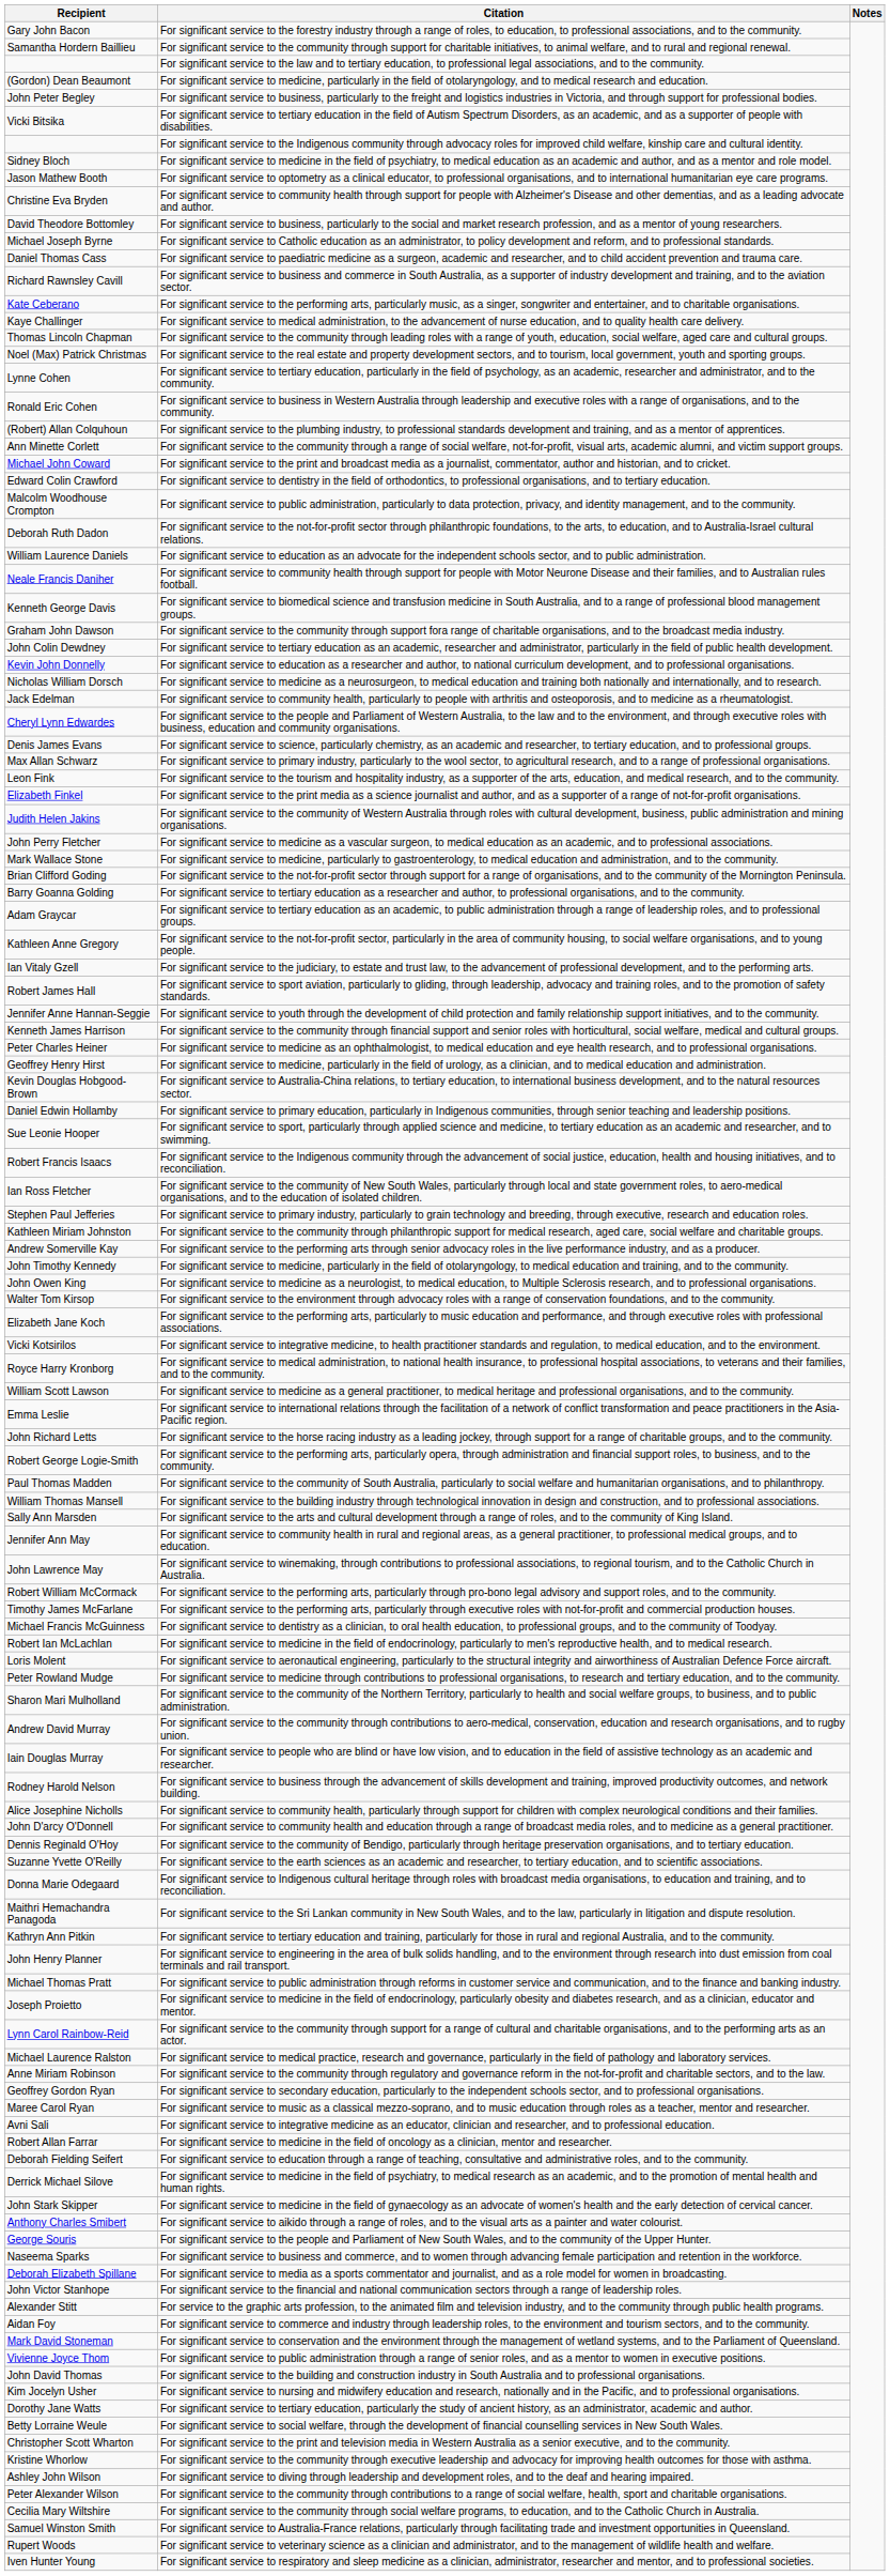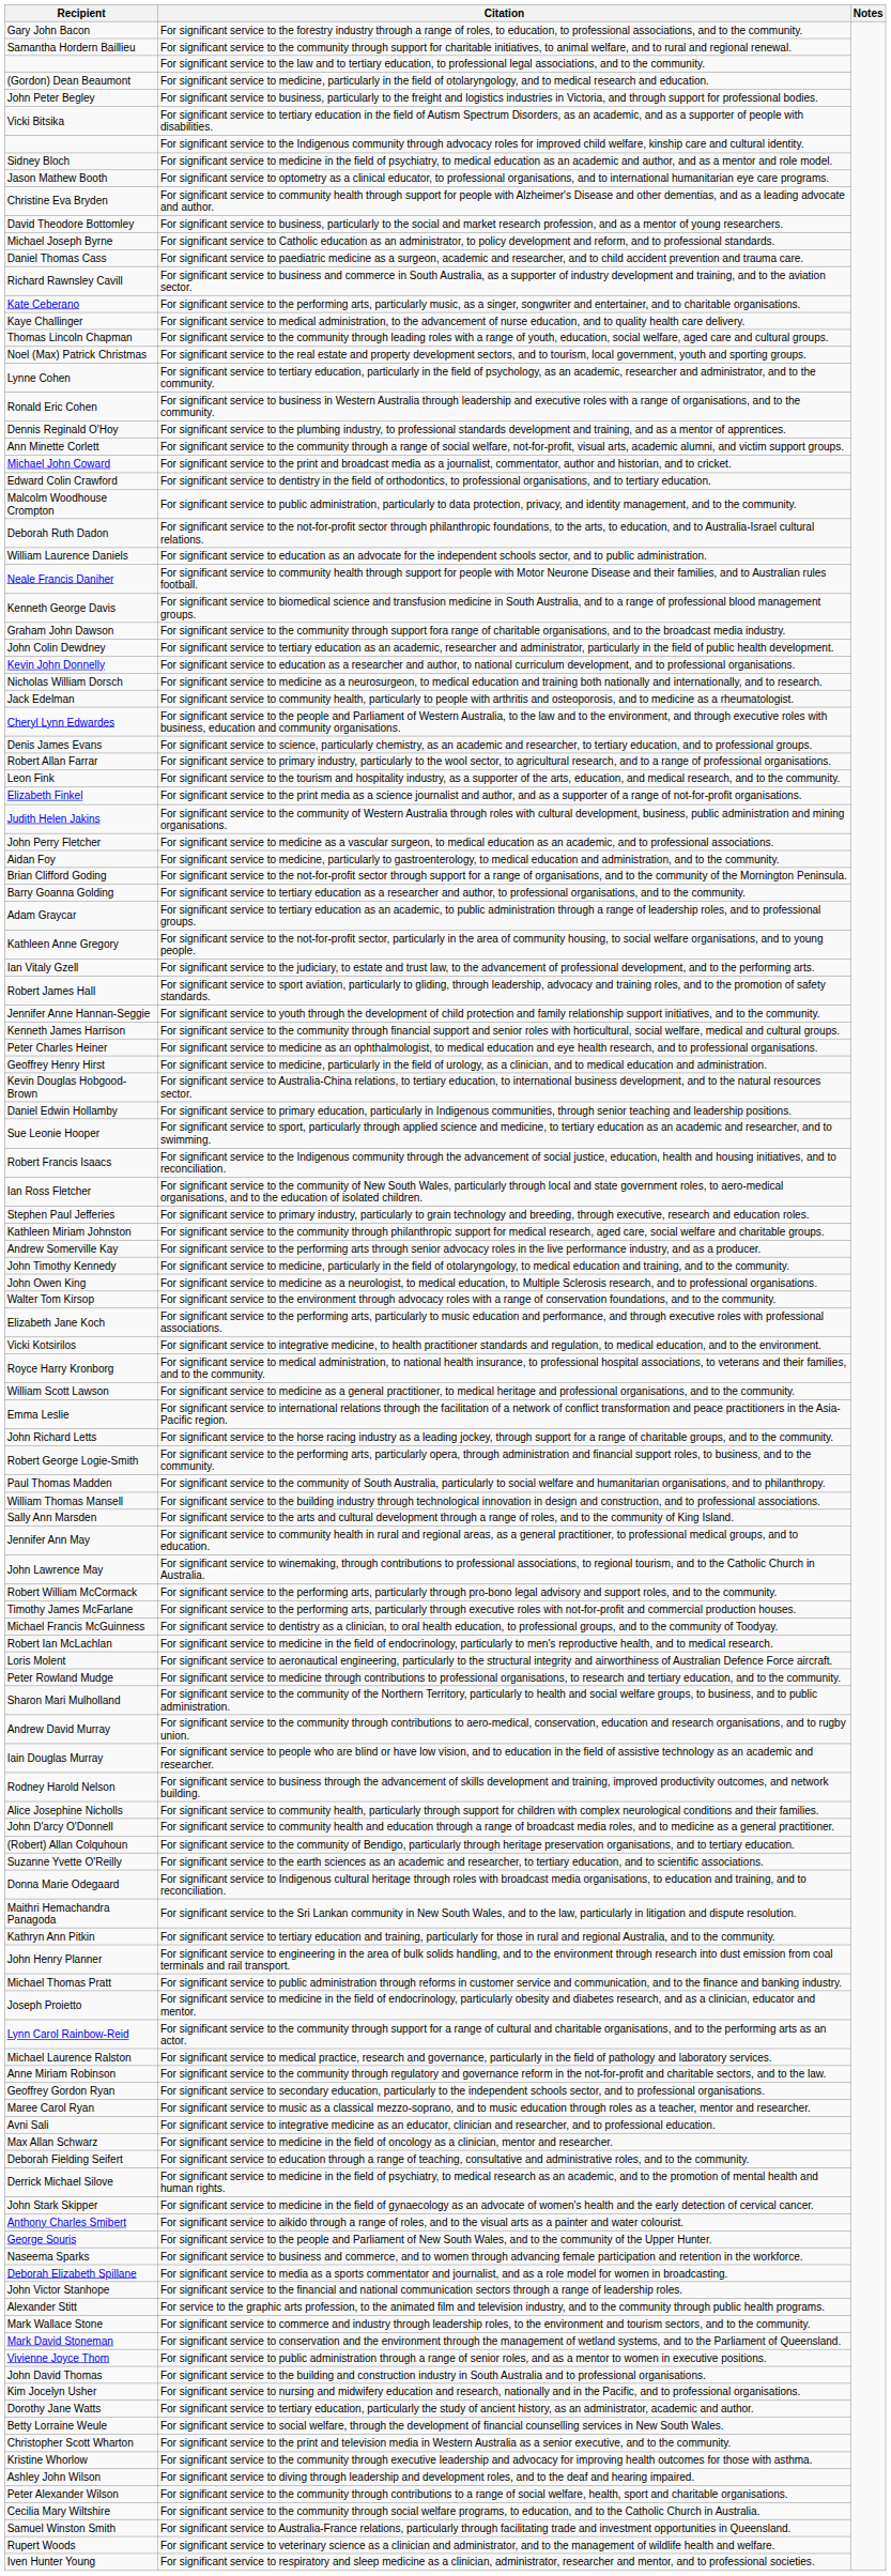 <table class="wikitable" style="font-size:95%;">
 <tr>
 <th width="210">Recipient</th>
 <th>Citation</th>
 <th>Notes</th>
 </tr>
 <tr>
 <td> Gary John Bacon</td>
 <td>For significant service to the forestry industry through a range of roles, to education, to professional associations, and to the community.</td>
 <td rowspan=126></td>
 </tr>
 <tr>
 <td>Samantha Hordern Baillieu</td>
 <td>For significant service to the community through support for charitable initiatives, to animal welfare, and to rural and regional renewal.</td>
 </tr>
 <tr>
 <td></td>
 <td>For significant service to the law and to tertiary education, to professional legal associations, and to the community.</td>
 </tr>
 <tr>
 <td> (Gordon) Dean Beaumont</td>
 <td>For significant service to medicine, particularly in the field of otolaryngology, and to medical research and education.</td>
 </tr>
 <tr>
 <td>John Peter Begley</td>
 <td>For significant service to business, particularly to the freight and logistics industries in Victoria, and through support for professional bodies.</td>
 </tr>
 <tr>
 <td> Vicki Bitsika</td>
 <td>For significant service to tertiary education in the field of Autism Spectrum Disorders, as an academic, and as a supporter of people with disabilities.</td>
 </tr>
 <tr>
 <td></td>
 <td>For significant service to the Indigenous community through advocacy roles for improved child welfare, kinship care and cultural identity.</td>
 </tr>
 <tr>
 <td> Sidney Bloch</td>
 <td>For significant service to medicine in the field of psychiatry, to medical education as an academic and author, and as a mentor and role model.</td>
 </tr>
 <tr>
 <td>Jason Mathew Booth</td>
 <td>For significant service to optometry as a clinical educator, to professional organisations, and to international humanitarian eye care programs.</td>
 </tr>
 <tr>
 <td>Christine Eva Bryden </td>
 <td>For significant service to community health through support for people with Alzheimer's Disease and other dementias, and as a leading advocate and author.</td>
 </tr>
 <tr>
 <td>David Theodore Bottomley</td>
 <td>For significant service to business, particularly to the social and market research profession, and as a mentor of young researchers.</td>
 </tr>
 <tr>
 <td>Michael Joseph Byrne</td>
 <td>For significant service to Catholic education as an administrator, to policy development and reform, and to professional standards.</td>
 </tr>
 <tr>
 <td> Daniel Thomas Cass</td>
 <td>For significant service to paediatric medicine as a surgeon, academic and researcher, and to child accident prevention and trauma care.</td>
 </tr>
 <tr>
 <td>Richard Rawnsley Cavill</td>
 <td>For significant service to  business and commerce in South Australia, as a supporter of industry development and training, and to the aviation sector.</td>
 </tr>
 <tr>
 <td><a href='#'>Kate Ceberano</a></td>
 <td>For significant service to the performing arts, particularly music, as a singer, songwriter and entertainer, and to charitable organisations.</td>
 </tr>
 <tr>
 <td> Kaye Challinger</td>
 <td>For significant service to medical administration, to the advancement of nurse education, and to quality health care delivery.</td>
 </tr>
 <tr>
 <td>Thomas Lincoln Chapman</td>
 <td>For significant service to the community through leading roles with a range of youth, education, social welfare, aged care and cultural groups.</td>
 </tr>
 <tr>
 <td>Noel (Max) Patrick Christmas</td>
 <td>For significant service to the real estate and property development sectors, and to tourism, local government, youth and sporting groups.</td>
 </tr>
 <tr>
 <td> Lynne Cohen</td>
 <td>For significant service to tertiary education, particularly in the field of psychology, as an academic, researcher and administrator, and to the community.</td>
 </tr>
 <tr>
 <td>Ronald Eric Cohen</td>
 <td>For significant service to business in Western Australia through leadership and executive roles with a range of organisations, and to the community.</td>
 </tr>
 <tr>
-<td>(Robert) Allan Colquhoun</td>
+<td>Dennis Reginald O'Hoy</td>
 <td>For significant service to the plumbing industry, to professional standards development and training, and as a mentor of apprentices.</td>
 </tr>
 <tr>
 <td>Ann Minette Corlett</td>
 <td>For significant service to the community through a range of social welfare, not-for-profit, visual arts, academic alumni, and victim support groups.</td>
 </tr>
 <tr>
 <td><a href='#'>Michael John Coward</a></td>
 <td>For significant service to the print and broadcast media as a journalist, commentator, author and historian, and to cricket.</td>
 </tr>
 <tr>
 <td> Edward Colin Crawford</td>
 <td>For significant service to dentistry in the field of orthodontics, to professional organisations, and to tertiary education.</td>
 </tr>
 <tr>
 <td>Malcolm Woodhouse Crompton</td>
 <td>For significant service to public administration, particularly to data protection, privacy, and identity management, and to the community.</td>
 </tr>
 <tr>
 <td>Deborah Ruth Dadon</td>
 <td>For significant service to the not-for-profit sector through philanthropic foundations, to the arts, to education, and to Australia-Israel cultural relations.</td>
 </tr>
 <tr>
 <td>William Laurence Daniels</td>
 <td>For significant service to education as an advocate for the independent schools sector, and to public administration.</td>
 </tr>
 <tr>
 <td><a href='#'>Neale Francis Daniher</a></td>
 <td>For significant service to community health through support for people with Motor Neurone Disease and their families, and to Australian rules football.</td>
 </tr>
 <tr>
 <td>Kenneth George Davis</td>
 <td>For significant service to biomedical science and transfusion medicine in South Australia, and to a range of professional blood management groups.</td>
 </tr>
 <tr>
 <td>Graham John Dawson</td>
 <td>For significant service to the community through support fora range of charitable organisations, and to the broadcast media industry.</td>
 </tr>
 <tr>
 <td> John Colin Dewdney</td>
 <td>For significant service to tertiary education as an academic, researcher and administrator, particularly in the field of public health development.</td>
 </tr>
 <tr>
 <td> <a href='#'>Kevin John Donnelly</a></td>
 <td>For significant service to education as a researcher and author, to national curriculum development, and to professional organisations.</td>
 </tr>
 <tr>
 <td> Nicholas William Dorsch</td>
 <td>For significant service to medicine as a neurosurgeon, to medical education and training both nationally and internationally, and to research.</td>
 </tr>
 <tr>
 <td> Jack Edelman</td>
 <td>For significant service to community health, particularly to people with arthritis and osteoporosis, and to medicine as a rheumatologist.</td>
 </tr>
 <tr>
 <td> <a href='#'>Cheryl Lynn Edwardes</a></td>
 <td>For significant service to the people and Parliament of Western Australia, to the law and to the environment, and through executive roles with business, education and community organisations.</td>
 </tr>
 <tr>
 <td> Denis James Evans</td>
 <td>For significant service to science, particularly chemistry, as an academic and researcher, to tertiary education, and to professional groups.</td>
 </tr>
 <tr>
-<td> Max Allan Schwarz</td>
+<td>Robert Allan Farrar</td>
 <td>For significant service to primary industry, particularly to the wool sector, to agricultural research, and to a range of professional organisations.</td>
 </tr>
 <tr>
 <td>Leon Fink</td>
 <td>For significant service to the tourism and hospitality industry, as a supporter of the arts, education, and medical research, and to the community.</td>
 </tr>
 <tr>
 <td> <a href='#'>Elizabeth Finkel</a></td>
 <td>For significant service to the print media as a science journalist and author, and as a supporter of a range of not-for-profit organisations.</td>
 </tr>
 <tr>
 <td><a href='#'>Judith Helen Jakins</a></td>
 <td>For significant service to the community of Western Australia through roles with cultural development, business, public administration and mining organisations.</td>
 </tr>
 <tr>
 <td> John Perry Fletcher</td>
 <td>For significant service to medicine as a vascular surgeon, to medical education as an academic, and to professional associations.</td>
 </tr>
 <tr>
-<td>Mark Wallace Stone</td>
+<td> Aidan Foy</td>
 <td>For significant service to medicine, particularly to gastroenterology, to medical education and administration, and to the community.</td>
 </tr>
 <tr>
 <td>Brian Clifford Goding</td>
 <td>For significant service to the not-for-profit sector through support for a range of organisations, and to the community of the Mornington Peninsula.</td>
 </tr>
 <tr>
 <td> Barry Goanna Golding</td>
 <td>For significant service to tertiary education as a researcher and author, to professional organisations, and to the community.</td>
 </tr>
 <tr>
 <td> Adam Graycar</td>
 <td>For significant service to tertiary education as an academic, to public administration through a range of leadership roles, and to professional groups.</td>
 </tr>
 <tr>
 <td>Kathleen Anne Gregory</td>
 <td>For significant service to the not-for-profit sector, particularly in the area of community housing, to social welfare organisations, and to young people.</td>
 </tr>
 <tr>
 <td> Ian Vitaly Gzell</td>
 <td>For significant service to the judiciary, to estate and trust law, to the advancement of professional development, and to the performing arts.</td>
 </tr>
 <tr>
 <td> Robert James Hall</td>
 <td>For significant service to sport aviation, particularly to gliding, through leadership, advocacy and training roles, and to the promotion of safety standards.</td>
 </tr>
 <tr>
 <td>Jennifer Anne Hannan-Seggie</td>
 <td>For significant service to youth through the development of child protection and family relationship support initiatives, and to the community.</td>
 </tr>
 <tr>
 <td>Kenneth James Harrison</td>
 <td>For significant service to the community through financial support and senior roles with horticultural, social welfare, medical and cultural groups.</td>
 </tr>
 <tr>
 <td> Peter Charles Heiner</td>
 <td>For significant service to medicine as an ophthalmologist, to medical education and eye health research, and to professional organisations.</td>
 </tr>
 <tr>
 <td> Geoffrey Henry Hirst</td>
 <td>For significant service to medicine, particularly in the field of urology, as a clinician, and to medical education and administration.</td>
 </tr>
 <tr>
 <td>Kevin Douglas Hobgood-Brown</td>
 <td>For significant service to Australia-China relations, to tertiary education, to international business development, and to the natural resources sector.</td>
 </tr>
 <tr>
 <td> Daniel Edwin Hollamby</td>
 <td>For significant service to primary education, particularly in Indigenous communities, through senior teaching and leadership positions.</td>
 </tr>
 <tr>
 <td> Sue Leonie Hooper</td>
 <td>For significant service to sport, particularly through applied science and medicine, to tertiary education as an academic and researcher, and to swimming.</td>
 </tr>
 <tr>
 <td> Robert Francis Isaacs</td>
 <td>For significant service to the Indigenous community through the advancement of social justice, education, health and housing initiatives, and to reconciliation.</td>
 </tr>
 <tr>
 <td>Ian Ross Fletcher</td>
 <td>For significant service to the community of New South Wales, particularly through local and state government roles, to aero-medical organisations, and to the education of isolated children.</td>
 </tr>
 <tr>
 <td> Stephen Paul Jefferies</td>
 <td>For significant service to primary industry, particularly to grain technology and breeding, through executive, research and education roles.</td>
 </tr>
 <tr>
 <td>Kathleen Miriam Johnston</td>
 <td>For significant service to the community through philanthropic support for medical research, aged care, social welfare and charitable groups.</td>
 </tr>
 <tr>
 <td>Andrew Somerville Kay</td>
 <td>For significant service to the performing arts through senior advocacy roles in the live performance industry, and as a producer.</td>
 </tr>
 <tr>
 <td> John Timothy Kennedy</td>
 <td>For significant service to medicine, particularly in the field of otolaryngology, to medical education and training, and to the community.</td>
 </tr>
 <tr>
 <td> John Owen King</td>
 <td>For significant service to medicine as a neurologist, to medical education, to Multiple Sclerosis research, and to professional organisations.</td>
 </tr>
 <tr>
 <td>Walter Tom Kirsop</td>
 <td>For significant service to the environment through advocacy roles with a range of conservation foundations, and to the community.</td>
 </tr>
 <tr>
 <td> Elizabeth Jane Koch</td>
 <td>For significant service to the performing arts, particularly to music education and performance, and through executive roles with professional associations.</td>
 </tr>
 <tr>
 <td> Vicki Kotsirilos</td>
 <td>For significant service to integrative medicine, to health practitioner standards and regulation, to medical education, and to the environment.</td>
 </tr>
 <tr>
 <td>Royce Harry Kronborg</td>
 <td>For significant service to medical administration, to national health insurance, to professional hospital associations, to veterans and their families, and to the community.</td>
 </tr>
 <tr>
 <td> William Scott Lawson</td>
 <td>For significant service to medicine as a general practitioner, to medical heritage and professional organisations, and to the community.</td>
 </tr>
 <tr>
 <td> Emma Leslie</td>
 <td>For significant service to international relations through the facilitation of a network of conflict transformation and peace practitioners in the Asia-Pacific region.</td>
 </tr>
 <tr>
 <td>John Richard Letts</td>
 <td>For significant service to the horse racing industry as a leading jockey, through support for a range of charitable groups, and to the community.</td>
 </tr>
 <tr>
 <td>Robert George Logie-Smith</td>
 <td>For significant service to the performing arts, particularly opera, through administration and financial support roles, to business, and to the community.</td>
 </tr>
 <tr>
 <td>Paul Thomas Madden</td>
 <td>For significant service to the community of South Australia, particularly to social welfare and humanitarian organisations, and to philanthropy.</td>
 </tr>
 <tr>
 <td> William Thomas Mansell</td>
 <td>For significant service to the building industry through technological innovation in design and construction, and to professional associations.</td>
 </tr>
 <tr>
 <td>Sally Ann Marsden</td>
 <td>For significant service to the arts and cultural development through a range of roles, and to the community of King Island.</td>
 </tr>
 <tr>
 <td> Jennifer Ann May</td>
 <td>For significant service to community health in rural and regional areas, as a general practitioner, to professional medical groups, and to education.</td>
 </tr>
 <tr>
 <td> John Lawrence May</td>
 <td>For significant service to winemaking, through contributions to professional associations, to regional tourism, and to the Catholic Church in Australia.</td>
 </tr>
 <tr>
 <td>Robert William McCormack</td>
 <td>For significant service to the performing arts, particularly through pro-bono legal advisory and support roles, and to the community.</td>
 </tr>
 <tr>
 <td>Timothy James McFarlane</td>
 <td>For significant service to the performing arts, particularly through executive roles with not-for-profit and commercial production houses.</td>
 </tr>
 <tr>
 <td> Michael Francis McGuinness</td>
 <td>For significant service to dentistry as a clinician, to oral health education, to professional groups, and to the community of Toodyay.</td>
 </tr>
 <tr>
 <td> Robert Ian McLachlan</td>
 <td>For significant service to medicine in the field of endocrinology, particularly to men's reproductive health, and to medical research.</td>
 </tr>
 <tr>
 <td>Loris Molent</td>
 <td>For significant service to aeronautical engineering, particularly to the structural integrity and airworthiness of Australian Defence Force aircraft.</td>
 </tr>
 <tr>
 <td> Peter Rowland Mudge</td>
 <td>For significant service to medicine through contributions to professional organisations, to research and tertiary education, and to the community.</td>
 </tr>
 <tr>
 <td>Sharon Mari Mulholland</td>
 <td>For significant service to the community of the Northern Territory, particularly to health and social welfare groups, to business, and to public administration.</td>
 </tr>
 <tr>
 <td>Andrew David Murray</td>
 <td>For significant service to the community through contributions to aero-medical, conservation, education and research organisations, and to rugby union.</td>
 </tr>
 <tr>
 <td> Iain Douglas Murray</td>
 <td>For significant service to people who are blind or have low vision, and to education in the field of assistive technology as an academic and researcher.</td>
 </tr>
 <tr>
 <td>Rodney Harold Nelson</td>
 <td>For significant service to business through the advancement of skills development and training, improved productivity outcomes, and network building.</td>
 </tr>
 <tr>
 <td>Alice Josephine Nicholls</td>
 <td>For significant service to community health, particularly through support for children with complex neurological conditions and their families.</td>
 </tr>
 <tr>
 <td> John D'arcy O'Donnell</td>
 <td>For significant service to community health and education through a range of broadcast media roles, and to medicine as a general practitioner.</td>
 </tr>
 <tr>
-<td>Dennis Reginald O'Hoy</td>
+<td>(Robert) Allan Colquhoun</td>
 <td>For significant service to the community of Bendigo, particularly through heritage preservation organisations, and to tertiary education.</td>
 </tr>
 <tr>
 <td> Suzanne Yvette O'Reilly</td>
 <td>For significant service to the earth sciences as an academic and researcher, to tertiary education, and to scientific associations.</td>
 </tr>
 <tr>
 <td> Donna Marie Odegaard</td>
 <td>For significant service to Indigenous cultural heritage through roles with broadcast media organisations, to education and training, and to reconciliation.</td>
 </tr>
 <tr>
 <td>Maithri Hemachandra Panagoda</td>
 <td>For significant service to the Sri Lankan community in New South Wales, and to the law, particularly in litigation and dispute resolution.</td>
 </tr>
 <tr>
 <td>Kathryn Ann Pitkin</td>
 <td>For significant service to tertiary education and training, particularly for those in rural and regional Australia, and to the community.</td>
 </tr>
 <tr>
 <td>John Henry Planner</td>
 <td>For significant service to engineering in the area of bulk solids handling, and to the environment through research into dust emission from coal terminals and rail transport.</td>
 </tr>
 <tr>
 <td>Michael Thomas Pratt</td>
 <td>For significant service to public administration through reforms in customer service and communication, and to the finance and banking industry.</td>
 </tr>
 <tr>
 <td> Joseph Proietto</td>
 <td>For significant service to medicine in the field of endocrinology, particularly obesity and diabetes research, and as a clinician, educator and mentor.</td>
 </tr>
 <tr>
 <td><a href='#'>Lynn Carol Rainbow-Reid</a></td>
 <td>For significant service to the community through support for a range of cultural and charitable organisations, and to the performing arts as an actor.</td>
 </tr>
 <tr>
 <td>Michael Laurence Ralston</td>
 <td>For significant service to medical practice, research and governance, particularly in the field of pathology and laboratory services.</td>
 </tr>
 <tr>
 <td>Anne Miriam Robinson</td>
 <td>For significant service to the community through regulatory and governance reform in the not-for-profit and charitable sectors, and to the law.</td>
 </tr>
 <tr>
 <td>Geoffrey Gordon Ryan</td>
 <td>For significant service to secondary education, particularly to the independent schools sector, and to professional organisations.</td>
 </tr>
 <tr>
 <td>Maree Carol Ryan</td>
 <td>For significant service to music as a classical mezzo-soprano, and to music education through roles as a teacher, mentor and researcher.</td>
 </tr>
 <tr>
 <td> Avni Sali</td>
 <td>For significant service to integrative medicine as an educator, clinician and researcher, and to professional education.</td>
 </tr>
 <tr>
-<td>Robert Allan Farrar</td>
+<td> Max Allan Schwarz</td>
 <td>For significant service to medicine in the field of oncology as a clinician, mentor and researcher.</td>
 </tr>
 <tr>
 <td> Deborah Fielding Seifert</td>
 <td>For significant service to education through a range of teaching, consultative and administrative roles, and to the community.</td>
 </tr>
 <tr>
 <td> Derrick Michael Silove</td>
 <td>For significant service to medicine in the field of psychiatry, to medical research as an academic, and to the promotion of mental health and human rights.</td>
 </tr>
 <tr>
 <td> John Stark Skipper</td>
 <td>For significant service to medicine in the field of gynaecology as an advocate of women's health and the early detection of cervical cancer.</td>
 </tr>
 <tr>
 <td><a href='#'>Anthony Charles Smibert</a></td>
 <td>For significant service to aikido through a range of roles, and to the visual arts as a painter and water colourist.</td>
 </tr>
 <tr>
 <td> <a href='#'>George Souris</a></td>
 <td>For significant service to the people and Parliament of New South Wales, and to the community of the Upper Hunter.</td>
 </tr>
 <tr>
 <td>Naseema Sparks</td>
 <td>For significant service to business and commerce, and to women through advancing female participation and retention in the workforce.</td>
 </tr>
 <tr>
 <td><a href='#'>Deborah Elizabeth Spillane</a></td>
 <td>For significant service to media as a sports commentator and journalist, and as a role model for women in broadcasting.</td>
 </tr>
 <tr>
 <td>John Victor Stanhope</td>
 <td>For significant service to the financial and national communication sectors through a range of leadership roles.</td>
 </tr>
 <tr>
 <td>Alexander Stitt</td>
 <td>For service to the graphic arts profession, to the animated film and television industry, and to the community through public health programs.</td>
 </tr>
 <tr>
-<td> Aidan Foy</td>
+<td>Mark Wallace Stone</td>
 <td>For significant service to commerce and industry through leadership roles, to the environment and tourism sectors, and to the community.</td>
 </tr>
 <tr>
 <td><a href='#'>Mark David Stoneman</a></td>
 <td>For significant service to conservation and the environment through the management of wetland systems, and to the Parliament of Queensland.</td>
 </tr>
 <tr>
 <td> <a href='#'>Vivienne Joyce Thom</a></td>
 <td>For significant service to public administration through a range of senior roles, and as a mentor to women in executive positions.</td>
 </tr>
 <tr>
 <td>John David Thomas</td>
 <td>For significant service to the building and construction industry in South Australia and to professional organisations.</td>
 </tr>
 <tr>
 <td> Kim Jocelyn Usher</td>
 <td>For significant service to nursing and midwifery education and research, nationally and in the Pacific, and to professional organisations.</td>
 </tr>
 <tr>
 <td> Dorothy Jane Watts</td>
 <td>For significant service to tertiary education, particularly the study of ancient history, as an administrator, academic and author.</td>
 </tr>
 <tr>
 <td> Betty Lorraine Weule</td>
 <td>For significant service to social welfare, through the development of financial counselling services in New South Wales.</td>
 </tr>
 <tr>
 <td>Christopher Scott Wharton</td>
 <td>For significant service to the print and television media in Western Australia as a senior executive, and to the community.</td>
 </tr>
 <tr>
 <td>Kristine Whorlow</td>
 <td>For significant service to the community through executive leadership and advocacy for improving health outcomes for those with asthma.</td>
 </tr>
 <tr>
 <td>Ashley John Wilson</td>
 <td>For significant service to diving through leadership and development roles, and to the deaf and hearing impaired.</td>
 </tr>
 <tr>
 <td>Peter Alexander Wilson</td>
 <td>For significant service to the community through contributions to a range of social welfare, health, sport and charitable organisations.</td>
 </tr>
 <tr>
 <td> Cecilia Mary Wiltshire</td>
 <td>For significant service to the community through social welfare programs, to education, and to the Catholic Church in Australia.</td>
 </tr>
 <tr>
 <td>Samuel Winston Smith</td>
 <td>For significant service to Australia-France relations, particularly through facilitating trade and investment opportunities in Queensland.</td>
 </tr>
 <tr>
 <td>Rupert Woods</td>
 <td>For significant service to veterinary science as a clinician and administrator, and to the management of wildlife health and welfare.</td>
 </tr>
 <tr>
 <td> Iven Hunter Young</td>
 <td>For significant service to respiratory and sleep medicine as a clinician, administrator, researcher and mentor, and to professional societies.</td>
 </tr>
 </table>
